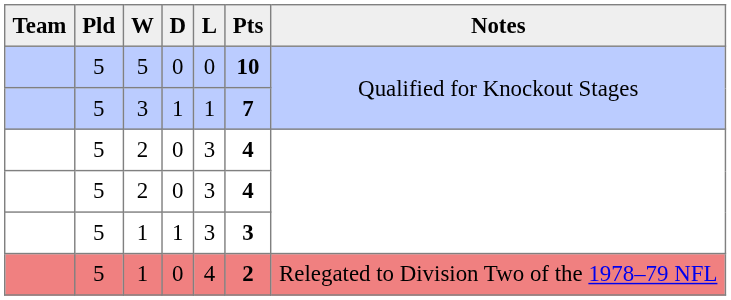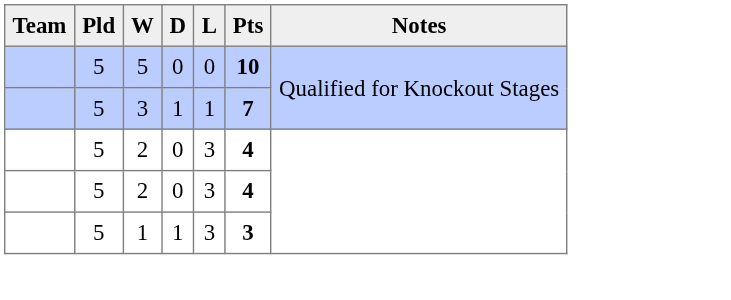 <table style=border-collapse:collapse border=1 cellspacing=0 cellpadding=5>
 <tr align=center bgcolor=#efefef>
 <th>Team</th>
 <th>Pld</th>
 <th>W</th>
 <th>D</th>
 <th>L</th>
 <th>Pts</th>
 <th>Notes</th>
 </tr>
 <tr align=center style="background:#bbccff;">
 <td style="text-align:left;"> </td>
 <td>5</td>
 <td>5</td>
 <td>0</td>
 <td>0</td>
 <td><strong>10</strong></td>
 <td rowspan=2>Qualified for Knockout Stages</td>
 </tr>
 <tr align=center style="background:#bbccff;">
 <td style="text-align:left;"> </td>
 <td>5</td>
 <td>3</td>
 <td>1</td>
 <td>1</td>
 <td><strong>7</strong></td>
 </tr>
 <tr align=center style="background:#FFFFFF;">
 <td style="text-align:left;"> </td>
 <td>5</td>
 <td>2</td>
 <td>0</td>
 <td>3</td>
 <td><strong>4</strong></td>
 <td rowspan=3></td>
 </tr>
 <tr align=center style="background:#FFFFFF;">
 <td style="text-align:left;"> </td>
 <td>5</td>
 <td>2</td>
 <td>0</td>
 <td>3</td>
 <td><strong>4</strong></td>
 </tr>
 <tr align=center style="background:#FFFFFF;">
 <td style="text-align:left;"> </td>
 <td>5</td>
 <td>1</td>
 <td>1</td>
 <td>3</td>
 <td><strong>3</strong></td>
 </tr>
-<tr align=center style="background:#F08080">
-<td style="text-align:left;"> </td>
-<td>5</td>
-<td>1</td>
-<td>0</td>
-<td>4</td>
-<td><strong>2</strong></td>
-<td rowspan=1>Relegated to Division Two of the <a href='#'>1978–79 NFL</a></td>
-</tr>
 </table>
